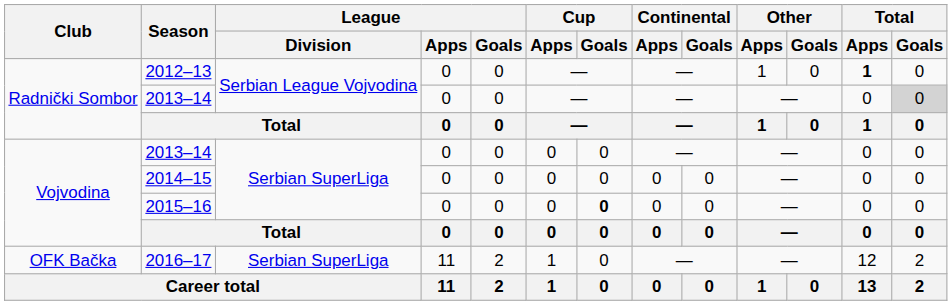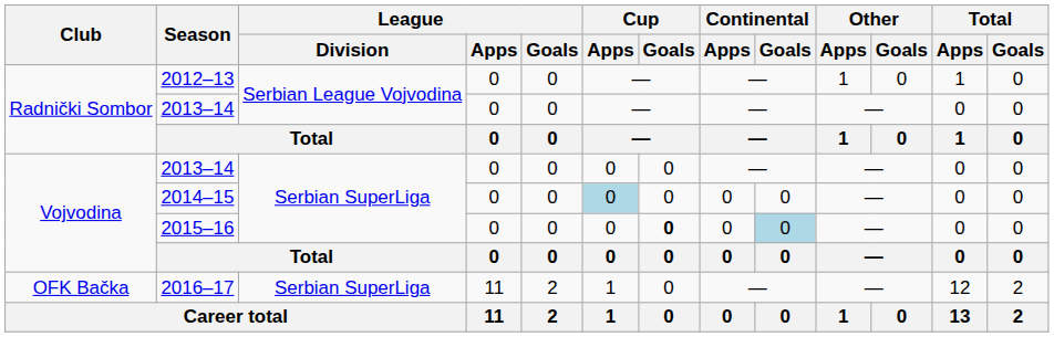 <table class="wikitable" style="text-align:center">
 <tr>
 <th rowspan="2">Club</th>
 <th rowspan="2">Season</th>
 <th colspan="3">League</th>
 <th colspan="2">Cup</th>
 <th colspan="2">Continental</th>
 <th colspan="2">Other</th>
 <th colspan="2">Total</th>
 </tr>
 <tr>
 <th>Division</th>
 <th>Apps</th>
 <th>Goals</th>
 <th>Apps</th>
 <th>Goals</th>
 <th>Apps</th>
 <th>Goals</th>
 <th>Apps</th>
 <th>Goals</th>
 <th>Apps</th>
 <th>Goals</th>
 </tr>
 <tr>
 <td rowspan="3"><a href='#'>Radnički Sombor</a></td>
 <td><a href='#'>2012–13</a></td>
 <td rowspan="2"><a href='#'>Serbian League Vojvodina</a></td>
 <td>0</td>
 <td>0</td>
 <td colspan="2">—</td>
 <td colspan="2">—</td>
 <td>1</td>
 <td>0</td>
-<td><strong>1</strong></td>
+<td>1</td>
 <td>0</td>
 </tr>
 <tr>
 <td><a href='#'>2013–14</a></td>
 <td>0</td>
 <td>0</td>
 <td colspan="2">—</td>
 <td colspan="2">—</td>
 <td colspan="2">—</td>
 <td>0</td>
-<td style="background: lightgrey;">0</td>
+<td>0</td>
 </tr>
 <tr>
 <th colspan="2">Total</th>
 <th>0</th>
 <th>0</th>
 <th colspan="2">—</th>
 <th colspan="2">—</th>
 <th>1</th>
 <th>0</th>
 <th>1</th>
 <th>0</th>
 </tr>
 <tr>
 <td rowspan="4"><a href='#'>Vojvodina</a></td>
 <td><a href='#'>2013–14</a></td>
 <td rowspan="3"><a href='#'>Serbian SuperLiga</a></td>
 <td>0</td>
 <td>0</td>
 <td>0</td>
 <td>0</td>
 <td colspan="2">—</td>
 <td colspan="2">—</td>
 <td>0</td>
 <td>0</td>
 </tr>
 <tr>
 <td><a href='#'>2014–15</a></td>
 <td>0</td>
 <td>0</td>
-<td>0</td>
+<td style="background: lightblue;">0</td>
 <td>0</td>
 <td>0</td>
 <td>0</td>
 <td colspan="2">—</td>
 <td>0</td>
 <td>0</td>
 </tr>
 <tr>
 <td><a href='#'>2015–16</a></td>
 <td>0</td>
 <td>0</td>
 <td>0</td>
 <td><strong>0</strong></td>
 <td>0</td>
-<td>0</td>
+<td style="background: lightblue;">0</td>
 <td colspan="2">—</td>
 <td>0</td>
 <td>0</td>
 </tr>
 <tr>
 <th colspan="2">Total</th>
 <th>0</th>
 <th>0</th>
 <th>0</th>
 <th>0</th>
 <th>0</th>
 <th>0</th>
 <th colspan="2">—</th>
 <th>0</th>
 <th>0</th>
 </tr>
 <tr>
 <td><a href='#'>OFK Bačka</a></td>
 <td><a href='#'>2016–17</a></td>
 <td><a href='#'>Serbian SuperLiga</a></td>
 <td>11</td>
 <td>2</td>
 <td>1</td>
 <td>0</td>
 <td colspan="2">—</td>
 <td colspan="2">—</td>
 <td>12</td>
 <td>2</td>
 </tr>
 <tr>
 <th colspan="3">Career total</th>
 <th>11</th>
 <th>2</th>
 <th>1</th>
 <th>0</th>
 <th>0</th>
 <th>0</th>
 <th>1</th>
 <th>0</th>
 <th>13</th>
 <th>2</th>
 </tr>
 </table>
